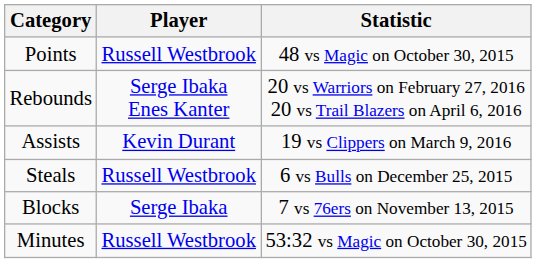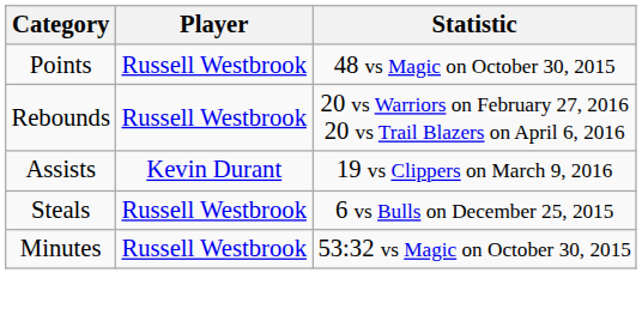 <table class="wikitable sortable sortable" style="text-align: center">
 <tr>
 <th>Category</th>
 <th>Player</th>
 <th>Statistic</th>
 </tr>
 <tr style="text-align: center">
 <td>Points</td>
 <td><a href='#'>Russell Westbrook</a></td>
 <td>48 <small>vs <a href='#'>Magic</a> on October 30, 2015</small></td>
 </tr>
 <tr style="text-align: center">
 <td>Rebounds</td>
-<td><a href='#'>Serge Ibaka</a><br><a href='#'>Enes Kanter</a></td>
+<td><a href='#'>Russell Westbrook</a></td>
 <td>20 <small>vs <a href='#'>Warriors</a> on February 27, 2016</small><br>20 <small>vs <a href='#'>Trail Blazers</a> on April 6, 2016</small></td>
 </tr>
 <tr style="text-align: center">
 <td>Assists</td>
 <td><a href='#'>Kevin Durant</a></td>
 <td>19 <small>vs <a href='#'>Clippers</a> on March 9, 2016</small></td>
 </tr>
 <tr style="text-align: center">
 <td>Steals</td>
 <td><a href='#'>Russell Westbrook</a></td>
 <td>6 <small>vs <a href='#'>Bulls</a> on December 25, 2015</small></td>
 </tr>
 <tr style="text-align: center">
-<td>Blocks</td>
-<td><a href='#'>Serge Ibaka</a></td>
-<td>7 <small>vs <a href='#'>76ers</a> on November 13, 2015</small></td>
-</tr>
-<tr style="text-align: center">
 <td>Minutes</td>
 <td><a href='#'>Russell Westbrook</a></td>
 <td>53:32 <small>vs <a href='#'>Magic</a> on October 30, 2015</small></td>
 </tr>
 </table>
